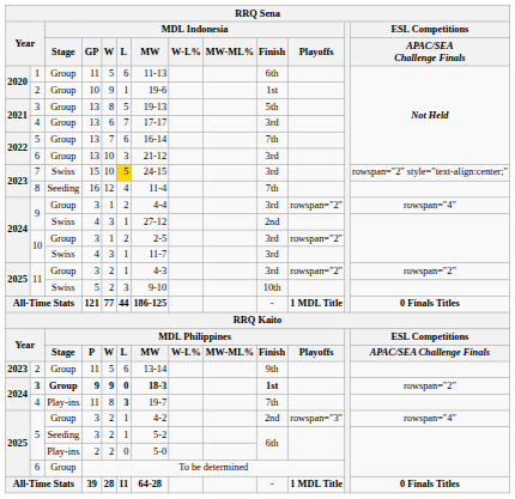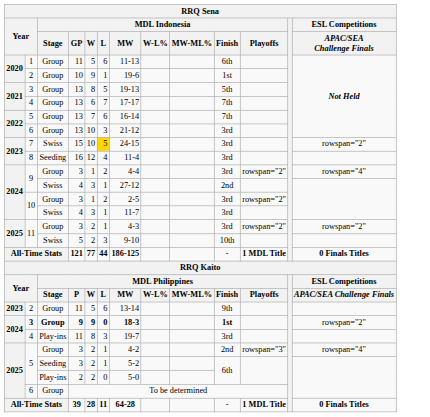 <table class="wikitable" style="font-size:80%; text-align:center;">
 <tr>
 <th colspan="13"> RRQ Sena</th>
 </tr>
 <tr>
 <th colspan="2" rowspan="2">Year</th>
 <th colspan="9">MDL Indonesia</th>
 <th rowspan="17"></th>
 <th>ESL Competitions</th>
 </tr>
 <tr>
 <th>Stage</th>
 <th>GP</th>
 <th>W</th>
 <th>L</th>
 <th>MW</th>
 <th>W-L%</th>
 <th>MW-ML%</th>
 <th>Finish</th>
 <th>Playoffs</th>
 <th><em>APAC/SEA <br> Challenge Finals</em></th>
 </tr>
 <tr>
 <th rowspan="2">2020</th>
 <td>1</td>
 <td style="text-align:center;">Group</td>
 <td style="text-align:right;">11</td>
 <td style="text-align:right;">5</td>
 <td style="text-align:right;">6</td>
 <td style="text-align:right;">11-13</td>
 <td style="text-align:right;"></td>
 <td style="text-align:right;"></td>
 <td style="text-align:center;">6th</td>
 <td></td>
 <td rowspan="6" style="text-align:center;"><strong><em>Not Held</em></strong></td>
 </tr>
 <tr>
 <td>2</td>
 <td style="text-align:center;">Group</td>
 <td style="text-align:right;">10</td>
 <td style="text-align:right;">9</td>
 <td style="text-align:right;">1</td>
 <td style="text-align:right;">19-6</td>
 <td style="text-align:right;"></td>
 <td style="text-align:right;"></td>
 <td style="text-align:center;">1st</td>
 <td></td>
 </tr>
 <tr>
 <th rowspan="2">2021</th>
 <td>3</td>
 <td style="text-align:center;">Group</td>
 <td style="text-align:right;">13</td>
 <td style="text-align:right;">8</td>
 <td style="text-align:right;">5</td>
 <td style="text-align:right;">19-13</td>
 <td style="text-align:right;"></td>
 <td style="text-align:right;"></td>
 <td style="text-align:center;">5th</td>
 <td></td>
 </tr>
 <tr>
 <td>4</td>
 <td style="text-align:center;">Group</td>
 <td style="text-align:right;">13</td>
 <td style="text-align:right;">6</td>
 <td style="text-align:right;">7</td>
 <td style="text-align:right;">17-17</td>
 <td style="text-align:right;"></td>
 <td style="text-align:right;"></td>
-<td style="text-align:center;">3rd</td>
+<td style="text-align:center;">7th</td>
 <td></td>
 </tr>
 <tr>
 <th rowspan="2">2022</th>
 <td>5</td>
 <td style="text-align:center;">Group</td>
 <td style="text-align:right;">13</td>
 <td style="text-align:right;">7</td>
 <td style="text-align:right;">6</td>
 <td style="text-align:right;">16-14</td>
 <td style="text-align:right;"></td>
 <td style="text-align:right;"></td>
 <td style="text-align:center;">7th</td>
 <td></td>
 </tr>
 <tr>
 <td>6</td>
 <td style="text-align:center;">Group</td>
 <td style="text-align:right;">13</td>
 <td style="text-align:right;">10</td>
 <td style="text-align:right;">3</td>
 <td style="text-align:right;">21-12</td>
 <td style="text-align:right;"></td>
 <td style="text-align:right;"></td>
 <td style="text-align:center;">3rd</td>
 <td></td>
 </tr>
 <tr>
 <th rowspan="2">2023</th>
 <td>7</td>
 <td style="text-align:center;">Swiss</td>
 <td style="text-align:right;">15</td>
 <td style="text-align:right;">10</td>
 <td style="background: gold; text-align:right;">5</td>
 <td style="text-align:right;">24-15</td>
 <td style="text-align:right;"></td>
 <td style="text-align:right;"></td>
 <td style="text-align:center;">3rd</td>
 <td></td>
-<td>rowspan="2" style="text-align:center;" </td>
+<td>rowspan="2" </td>
 </tr>
 <tr>
 <td>8</td>
 <td style="text-align:center;">Seeding</td>
 <td style="text-align:right;">16</td>
 <td style="text-align:right;">12</td>
 <td style="text-align:right;">4</td>
 <td style="text-align:right;">11-4</td>
 <td style="text-align:right;"></td>
 <td style="text-align:right;"></td>
-<td style="text-align:center;">7th</td>
+<td style="text-align:center;">3rd</td>
 <td></td>
 </tr>
 <tr>
 <th rowspan="4">2024</th>
 <td rowspan ="2">9</td>
 <td style="text-align:center;">Group</td>
 <td style="text-align:right;">3</td>
 <td style="text-align:right;">1</td>
 <td style="text-align:right;">2</td>
 <td style="text-align:right;">4-4</td>
 <td style="text-align:right;"></td>
 <td style="text-align:right;"></td>
 <td style="text-align:center;">3rd</td>
 <td>rowspan="2" </td>
 <td>rowspan="4" </td>
 </tr>
 <tr>
 <td style="text-align:center;">Swiss</td>
 <td style="text-align:right;">4</td>
 <td style="text-align:right;">3</td>
 <td style="text-align:right;">1</td>
 <td style="text-align:right;">27-12</td>
 <td style="text-align:right;"></td>
 <td style="text-align:right;"></td>
 <td style="text-align:center;">2nd</td>
 </tr>
 <tr>
 <td rowspan ="2">10</td>
 <td style="text-align:center;">Group</td>
 <td style="text-align:right;">3</td>
 <td style="text-align:right;">1</td>
 <td style="text-align:right;">2</td>
 <td style="text-align:right;">2-5</td>
 <td style="text-align:right;"></td>
 <td style="text-align:right;"></td>
 <td style="text-align:center;">3rd</td>
 <td>rowspan="2" </td>
 </tr>
 <tr>
 <td style="text-align:center;">Swiss</td>
 <td style="text-align:right;">4</td>
 <td style="text-align:right;">3</td>
 <td style="text-align:right;">1</td>
 <td style="text-align:right;">11-7</td>
 <td style="text-align:right;"></td>
 <td style="text-align:right;"></td>
 <td style="text-align:center;">3rd</td>
 </tr>
 <tr>
 <th rowspan="2">2025</th>
 <td rowspan="2">11</td>
 <td style="text-align:center;">Group</td>
 <td style="text-align:right;">3</td>
 <td style="text-align:right;">2</td>
 <td style="text-align:right;">1</td>
 <td style="text-align:right;">4-3</td>
 <td style="text-align:right;"></td>
 <td style="text-align:right;"></td>
 <td style="text-align:center;">3rd</td>
 <td>rowspan="2" </td>
 <td>rowspan="2" </td>
 </tr>
 <tr>
 <td style="text-align:center;">Swiss</td>
 <td style="text-align:right;">5</td>
 <td style="text-align:right;">2</td>
 <td style="text-align:right;">3</td>
 <td style="text-align:right;">9-10</td>
 <td style="text-align:right;"></td>
 <td style="text-align:right;"></td>
 <td style="text-align:center;">10th</td>
 </tr>
 <tr>
 <th colspan="3">All-Time Stats</th>
 <td><strong>121</strong></td>
 <td><strong>77</strong></td>
 <td><strong>44</strong></td>
 <td><strong>186-125</strong></td>
 <td></td>
 <td></td>
 <td>-</td>
 <td style="text-align:center;"><strong>1 MDL Title</strong></td>
 <td style="text-align:center;"><strong>0 Finals Titles</strong></td>
 </tr>
 <tr>
 <th colspan="13"> RRQ Kaito</th>
 </tr>
 <tr>
 <th colspan="2" rowspan="2">Year</th>
 <th colspan="9">MDL Philippines</th>
 <th rowspan="10"></th>
 <th>ESL Competitions</th>
 </tr>
 <tr>
 <th>Stage</th>
 <th>P</th>
 <th>W</th>
 <th>L</th>
 <th>MW</th>
 <th>W-L%</th>
 <th>MW-ML%</th>
 <th>Finish</th>
 <th>Playoffs</th>
 <th><em>APAC/SEA Challenge Finals</em></th>
 </tr>
 <tr>
 <th>2023</th>
 <td>2</td>
 <td style="text-align:center;">Group</td>
 <td style="text-align:right;">11</td>
 <td style="text-align:right;">5</td>
 <td style="text-align:right;">6</td>
 <td style="text-align:right;">13-14</td>
 <td style="text-align:right;"></td>
 <td style="text-align:right;"></td>
 <td style="text-align:center;">9th</td>
 <td></td>
 <td></td>
 </tr>
 <tr>
 <th rowspan="2">2024</th>
 <td><strong>3</strong></td>
 <td style="text-align:center;"><strong>Group</strong></td>
 <td style="text-align:right;"><strong>9</strong></td>
 <td style="text-align:right;"><strong>9</strong></td>
 <td style="text-align:right;"><strong>0</strong></td>
 <td style="text-align:right;"><strong>18-3</strong></td>
 <td style="text-align:right;"><strong></strong></td>
 <td style="text-align:right;"><strong></strong></td>
 <td style="text-align:center;"><strong>1st</strong></td>
 <td></td>
 <td>rowspan="2" </td>
 </tr>
 <tr>
 <td>4</td>
 <td style="text-align:center;">Play-ins</td>
 <td style="text-align:right;">11</td>
 <td style="text-align:right;">8</td>
-<td style="text-align:right;"><strong>3</strong></td>
+<td style="text-align:right;">3</td>
 <td style="text-align:right;">19-7</td>
 <td style="text-align:right;"></td>
 <td style="text-align:right;"></td>
-<td style="text-align:center;">7th</td>
+<td style="text-align:center;">3rd</td>
 <td></td>
 </tr>
 <tr>
 <th rowspan="4">2025</th>
 <td rowspan="3">5</td>
 <td style="text-align:center;">Group</td>
 <td style="text-align:right;">3</td>
 <td style="text-align:right;">2</td>
 <td style="text-align:right;">1</td>
 <td style="text-align:right;">4-2</td>
 <td style="text-align:right;"></td>
 <td style="text-align:right;"></td>
 <td style="text-align:center;">2nd</td>
 <td>rowspan="3" </td>
 <td>rowspan="4" </td>
 </tr>
 <tr>
 <td style="text-align:center;">Seeding</td>
 <td style="text-align:right;">3</td>
 <td style="text-align:right;">2</td>
 <td style="text-align:right;">1</td>
 <td style="text-align:right;">5-2</td>
 <td style="text-align:right;"></td>
 <td style="text-align:right;"></td>
 <td rowspan="2" style="text-align:center;">6th</td>
 </tr>
 <tr>
 <td style="text-align:center;">Play-ins</td>
 <td style="text-align:right;">2</td>
 <td style="text-align:right;">2</td>
 <td style="text-align:right;">0</td>
 <td style="text-align:right;">5-0</td>
 <td style="text-align:right;"></td>
 <td style="text-align:right;"></td>
 </tr>
 <tr>
 <td>6</td>
 <td style="text-align:center;">Group</td>
 <td colspan="8" style="text-align:center;">To be determined</td>
 </tr>
 <tr>
 <th colspan="3">All-Time Stats</th>
 <td><strong>39</strong></td>
 <td><strong>28</strong></td>
 <td><strong>11</strong></td>
 <td><strong>64-28</strong></td>
 <td></td>
 <td></td>
 <td>-</td>
 <td style="text-align:center;"><strong>1 MDL Title</strong></td>
 <td style="text-align:center;"><strong>0 Finals Titles</strong></td>
 </tr>
 </table>
